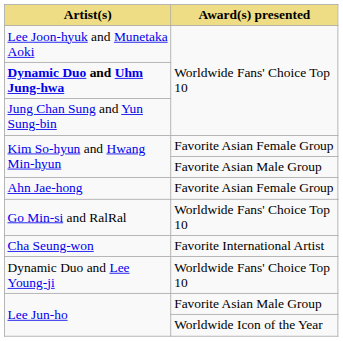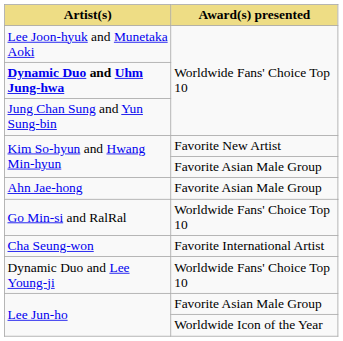 <table class="wikitable" style="width:45%">
 <tr>
 <th scope="col" style="background-color:#EEDD85; width:22.5%">Artist(s)</th>
 <th scope="col" style="background-color:#EEDD85; width:22.5%">Award(s) presented</th>
 </tr>
 <tr>
 <td><a href='#'>Lee Joon-hyuk</a> and <a href='#'>Munetaka Aoki</a></td>
 <td rowspan="3">Worldwide Fans' Choice Top 10</td>
 </tr>
 <tr>
 <td><strong><a href='#'>Dynamic Duo</a> and <a href='#'>Uhm Jung-hwa</a></strong></td>
 </tr>
 <tr>
 <td><a href='#'>Jung Chan Sung</a> and <a href='#'>Yun Sung-bin</a></td>
 </tr>
 <tr>
 <td rowspan="2"><a href='#'>Kim So-hyun</a> and <a href='#'>Hwang Min-hyun</a></td>
-<td>Favorite Asian Female Group</td>
+<td>Favorite New Artist</td>
 </tr>
 <tr>
 <td>Favorite Asian Male Group</td>
 </tr>
 <tr>
 <td rowspan="2"><a href='#'>Ahn Jae-hong</a></td>
-<td>Favorite Asian Female Group</td>
+<td>Favorite Asian Male Group</td>
 </tr>
 <tr>
 <td rowspan="2">Worldwide Fans' Choice Top 10</td>
 </tr>
 <tr>
 <td><a href='#'>Go Min-si</a> and RalRal</td>
 </tr>
 <tr>
 <td><a href='#'>Cha Seung-won</a></td>
 <td>Favorite International Artist</td>
 </tr>
 <tr>
 <td>Dynamic Duo and <a href='#'>Lee Young-ji</a></td>
 <td>Worldwide Fans' Choice Top 10</td>
 </tr>
 <tr>
 <td rowspan="2"><a href='#'>Lee Jun-ho</a></td>
 <td>Favorite Asian Male Group</td>
 </tr>
 <tr>
 <td>Worldwide Icon of the Year</td>
 </tr>
 </table>
